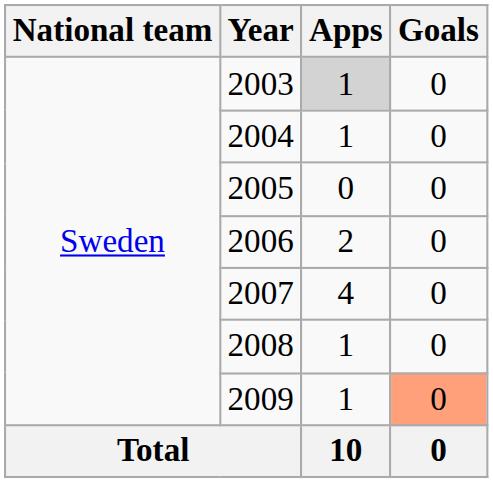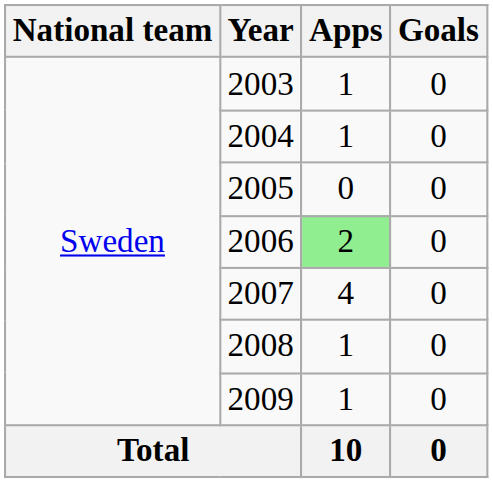 <table class="wikitable" style="text-align:center">
 <tr>
 <th>National team</th>
 <th>Year</th>
 <th>Apps</th>
 <th>Goals</th>
 </tr>
 <tr>
 <td rowspan="7"><a href='#'>Sweden</a></td>
 <td>2003</td>
-<td style="background: lightgrey;">1</td>
+<td>1</td>
 <td>0</td>
 </tr>
 <tr>
 <td>2004</td>
 <td>1</td>
 <td>0</td>
 </tr>
 <tr>
 <td>2005</td>
 <td>0</td>
 <td>0</td>
 </tr>
 <tr>
 <td>2006</td>
-<td>2</td>
+<td style="background: lightgreen;">2</td>
 <td>0</td>
 </tr>
 <tr>
 <td>2007</td>
 <td>4</td>
 <td>0</td>
 </tr>
 <tr>
 <td>2008</td>
 <td>1</td>
 <td>0</td>
 </tr>
 <tr>
 <td>2009</td>
 <td>1</td>
-<td style="background: lightsalmon;">0</td>
+<td>0</td>
 </tr>
 <tr>
 <th colspan="2">Total</th>
 <th>10</th>
 <th>0</th>
 </tr>
 </table>
